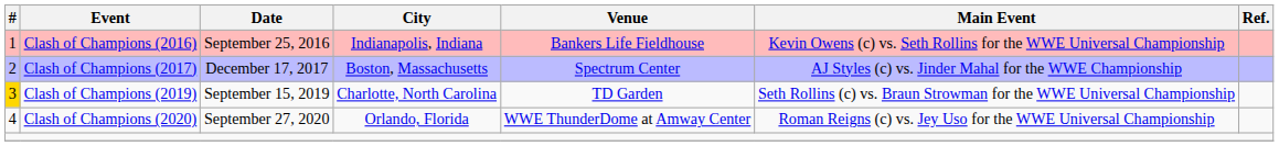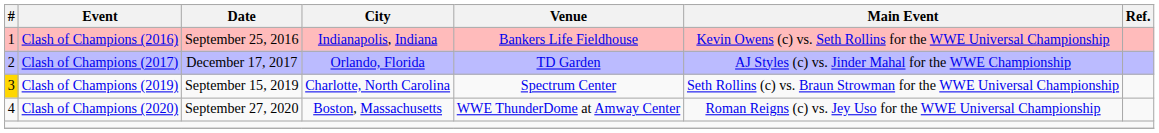 <table class="sortable wikitable succession-box" style="font-size:85%; text-align:center;">
 <tr>
 <th>#</th>
 <th>Event</th>
 <th>Date</th>
 <th>City</th>
 <th>Venue</th>
 <th>Main Event</th>
 <th>Ref.</th>
 </tr>
 <tr style="background: #FBB">
 <td>1</td>
 <td><a href='#'>Clash of Champions (2016)</a></td>
 <td>September 25, 2016</td>
 <td><a href='#'>Indianapolis</a>, <a href='#'>Indiana</a></td>
 <td><a href='#'>Bankers Life Fieldhouse</a></td>
 <td><a href='#'>Kevin Owens</a> (c) vs. <a href='#'>Seth Rollins</a> for the <a href='#'>WWE Universal Championship</a></td>
 <td></td>
 </tr>
 <tr style="background:#BBF">
 <td>2</td>
 <td><a href='#'>Clash of Champions (2017)</a></td>
 <td>December 17, 2017</td>
-<td><a href='#'>Boston</a>, <a href='#'>Massachusetts</a></td>
-<td><a href='#'>Spectrum Center</a></td>
+<td><a href='#'>Orlando, Florida</a></td>
+<td><a href='#'>TD Garden</a></td>
 <td><a href='#'>AJ Styles</a> (c) vs. <a href='#'>Jinder Mahal</a> for the <a href='#'>WWE Championship</a></td>
 <td></td>
 </tr>
 <tr>
 <td style="background: gold;">3</td>
 <td><a href='#'>Clash of Champions (2019)</a></td>
 <td>September 15, 2019</td>
 <td><a href='#'>Charlotte, North Carolina</a></td>
-<td><a href='#'>TD Garden</a></td>
+<td><a href='#'>Spectrum Center</a></td>
 <td><a href='#'>Seth Rollins</a> (c) vs. <a href='#'>Braun Strowman</a> for the <a href='#'>WWE Universal Championship</a></td>
 <td></td>
 </tr>
 <tr>
 <td>4</td>
 <td><a href='#'>Clash of Champions (2020)</a></td>
 <td>September 27, 2020</td>
-<td><a href='#'>Orlando, Florida</a></td>
+<td><a href='#'>Boston</a>, <a href='#'>Massachusetts</a></td>
 <td><a href='#'>WWE ThunderDome</a> at <a href='#'>Amway Center</a></td>
 <td><a href='#'>Roman Reigns</a> (c) vs. <a href='#'>Jey Uso</a> for the <a href='#'>WWE Universal Championship</a></td>
 <td></td>
 </tr>
 <tr>
 <td colspan="7"></td>
 </tr>
 <tr>
 </tr>
 </table>
